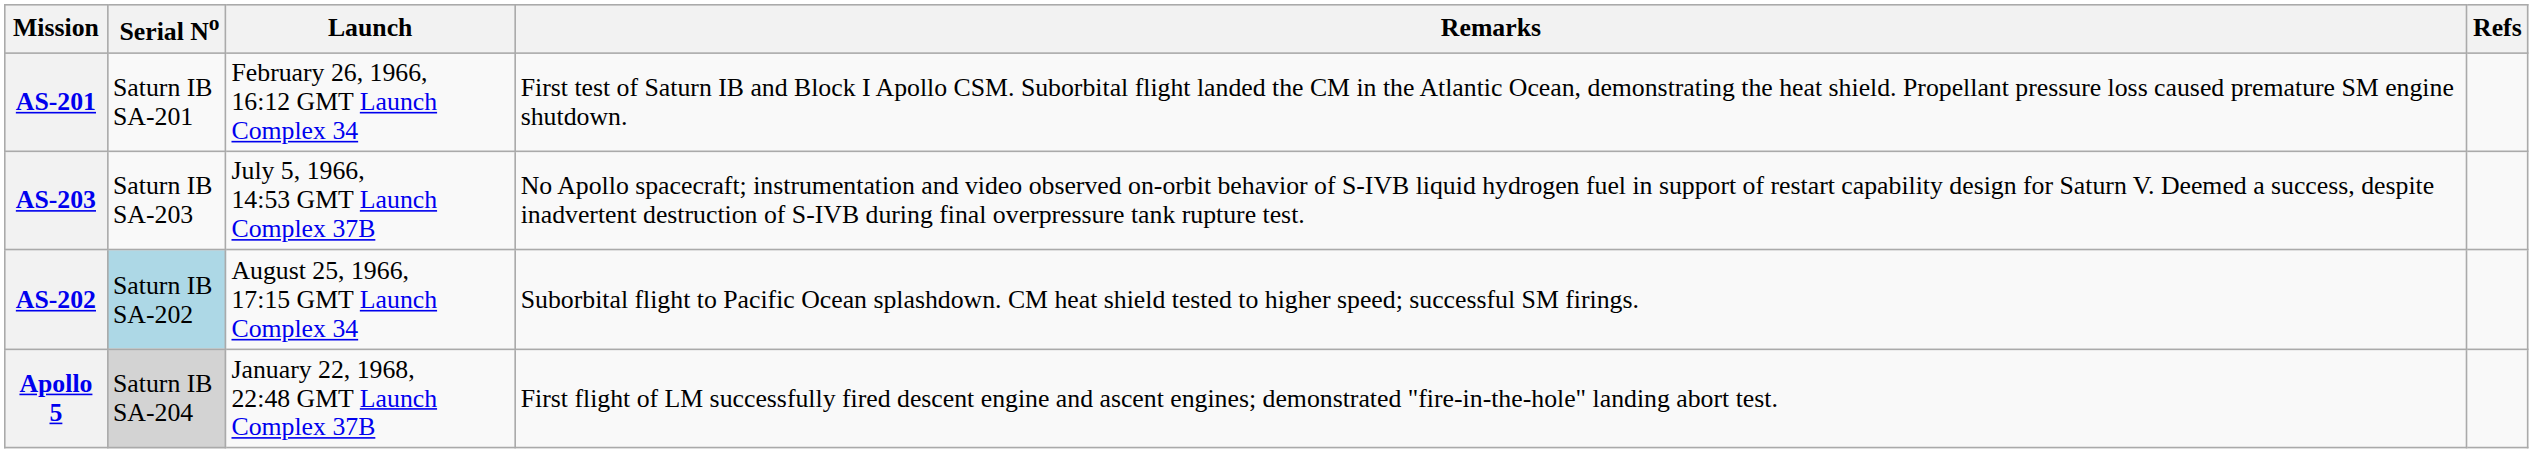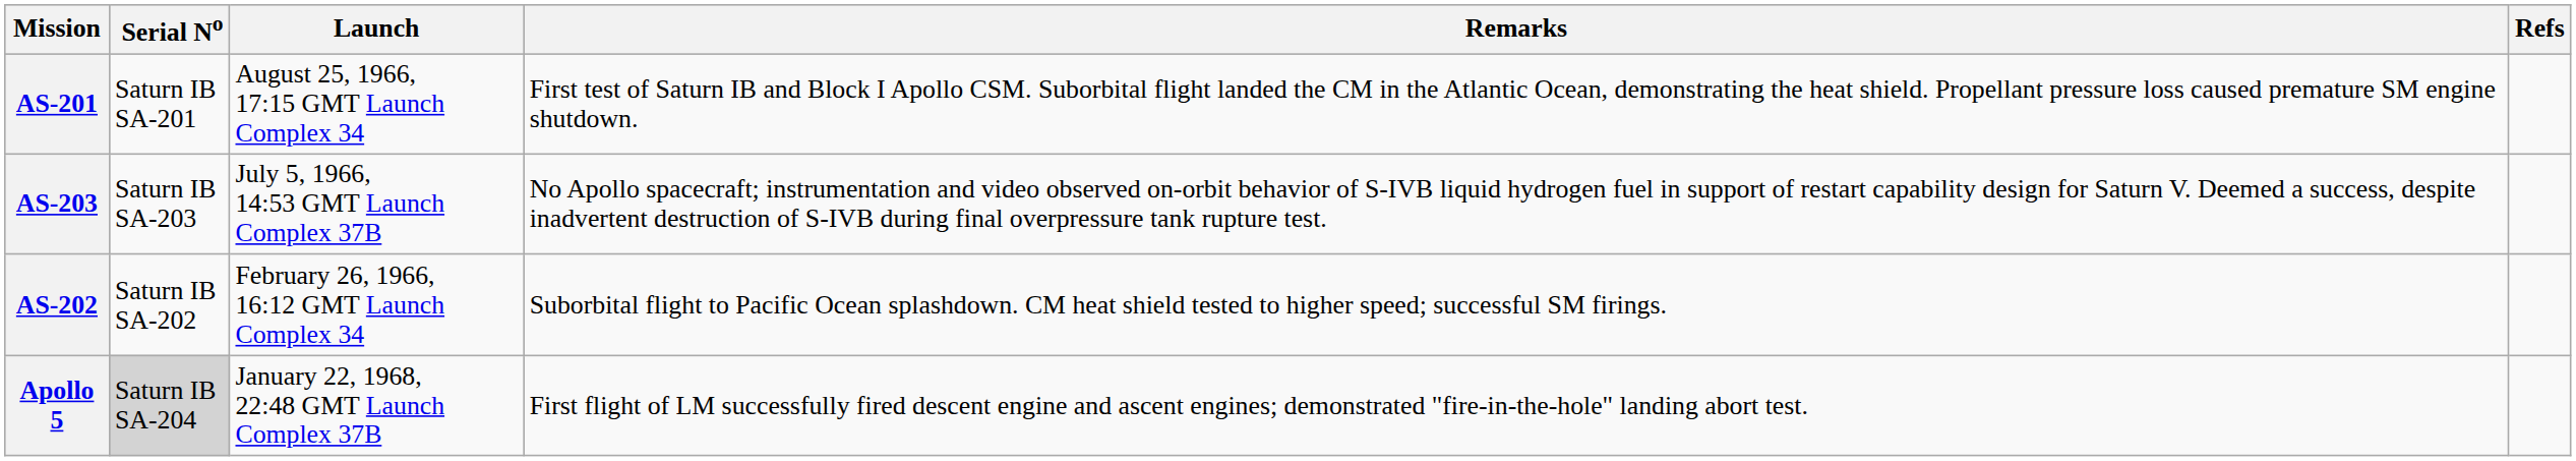 <table class="wikitable sortable">
 <tr>
 <th scope="col">Mission</th>
 <th scope="col"> Serial N<sup>o</sup></th>
 <th scope="col">Launch</th>
 <th scope="col" class="unsortable">Remarks</th>
 <th scope="col" class="unsortable">Refs</th>
 </tr>
 <tr>
 <th scope="row"><a href='#'>AS-201</a></th>
 <td>Saturn IB<br>SA-201</td>
-<td data-sort-value="19660226">February 26, 1966,<br>16:12 GMT <a href='#'>Launch Complex 34</a></td>
+<td data-sort-value="19660825">August 25, 1966,<br>17:15 GMT <a href='#'>Launch Complex 34</a></td>
 <td>First test of Saturn IB and Block I Apollo CSM. Suborbital flight landed the CM in the Atlantic Ocean, demonstrating the heat shield. Propellant pressure loss caused premature SM engine shutdown.</td>
 <td style="text-align: center;"></td>
 </tr>
 <tr>
 <th scope="row"><a href='#'>AS-203</a></th>
 <td>Saturn IB<br>SA-203</td>
 <td data-sort-value="19660705">July 5, 1966,<br>14:53 GMT <a href='#'>Launch Complex 37B</a></td>
 <td>No Apollo spacecraft; instrumentation and video observed on-orbit behavior of S-IVB liquid hydrogen fuel in support of restart capability design for Saturn V. Deemed a success, despite inadvertent destruction of S-IVB during final overpressure tank rupture test.</td>
 <td style="text-align: center;"></td>
 </tr>
 <tr>
 <th scope="row"><a href='#'>AS-202</a></th>
-<td style="background: lightblue;">Saturn IB<br>SA-202</td>
-<td data-sort-value="19660825">August 25, 1966,<br>17:15 GMT <a href='#'>Launch Complex 34</a></td>
+<td>Saturn IB<br>SA-202</td>
+<td data-sort-value="19660226">February 26, 1966,<br>16:12 GMT <a href='#'>Launch Complex 34</a></td>
 <td>Suborbital flight to Pacific Ocean splashdown. CM heat shield tested to higher speed; successful SM firings.</td>
 <td style="text-align: center;"></td>
 </tr>
 <tr>
 <th scope="row"><a href='#'>Apollo 5</a></th>
 <td style="background: lightgrey;">Saturn IB<br>SA-204</td>
 <td data-sort-value="19680122">January 22, 1968,<br>22:48 GMT <a href='#'>Launch Complex 37B</a></td>
 <td>First flight of LM successfully fired descent engine and ascent engines; demonstrated "fire-in-the-hole" landing abort test.</td>
 <td style="text-align: center;"></td>
 </tr>
 </table>
